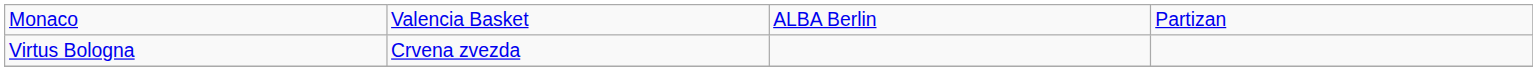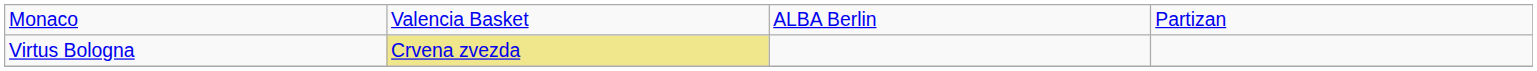 <table class="wikitable" style="table-layout:fixed;width:100%;">
 <tr>
 <td width=210> <a href='#'>Monaco</a> </td>
 <td width=210> <a href='#'>Valencia Basket</a> </td>
 <td width=210> <a href='#'>ALBA Berlin</a> </td>
 <td width=210> <a href='#'>Partizan</a> </td>
 </tr>
 <tr>
 <td width=210> <a href='#'>Virtus Bologna</a> </td>
-<td width=210> <a href='#'>Crvena zvezda</a> </td>
+<td width=210 style="background: khaki;"> <a href='#'>Crvena zvezda</a> </td>
 <td></td>
 <td></td>
 </tr>
 <tr>
 </tr>
 </table>
